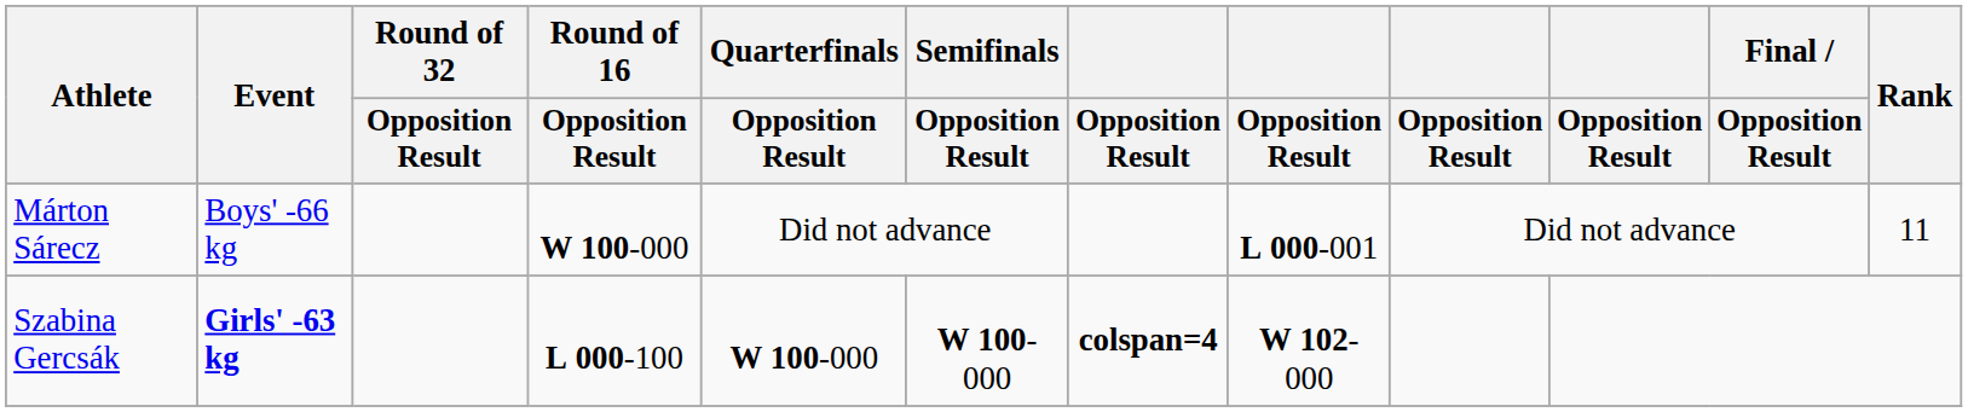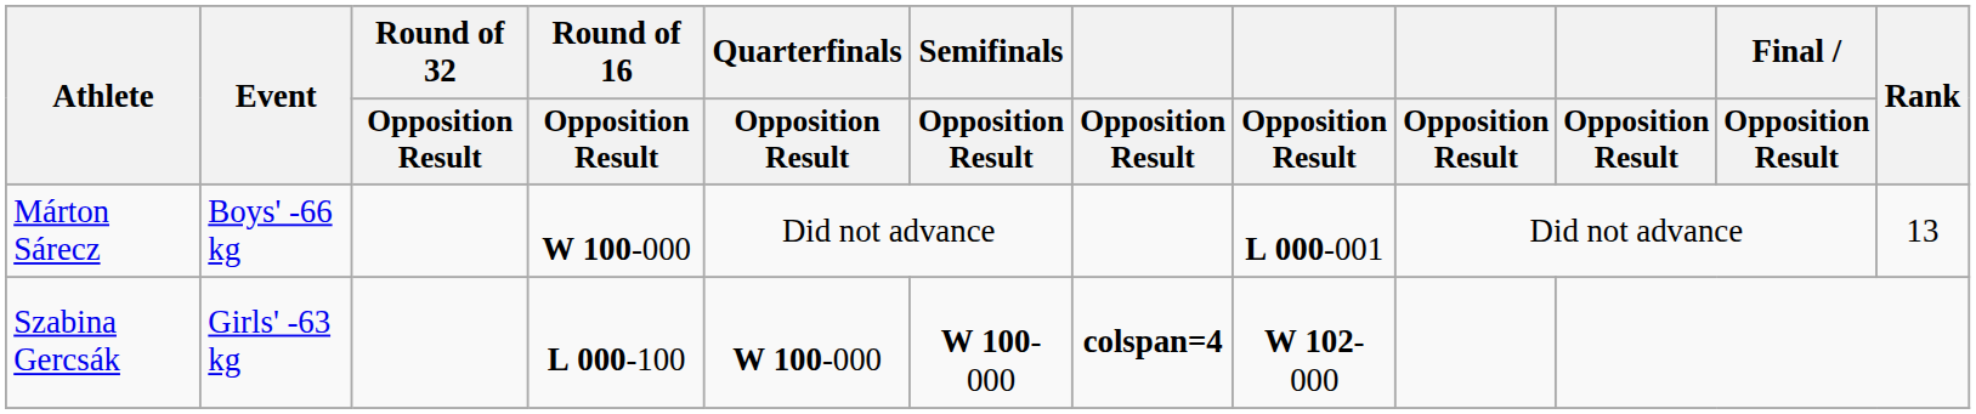 <table class="wikitable" style="font-size:90%">
 <tr>
 <th rowspan="2">Athlete</th>
 <th rowspan="2">Event</th>
 <th>Round of 32</th>
 <th>Round of 16</th>
 <th>Quarterfinals</th>
 <th>Semifinals</th>
 <th></th>
 <th></th>
 <th></th>
 <th></th>
 <th>Final / </th>
 <th rowspan=2>Rank</th>
 </tr>
 <tr style="font-size:95%">
 <th>Opposition<br>Result</th>
 <th>Opposition<br>Result</th>
 <th>Opposition<br>Result</th>
 <th>Opposition<br>Result</th>
 <th>Opposition<br>Result</th>
 <th>Opposition<br>Result</th>
 <th>Opposition<br>Result</th>
 <th>Opposition<br>Result</th>
 <th>Opposition<br>Result</th>
 </tr>
 <tr align=center>
 <td align=left><a href='#'>Márton Sárecz</a></td>
 <td align=left><a href='#'>Boys' -66 kg</a></td>
 <td></td>
 <td><br><strong>W</strong> <strong>100</strong>-000</td>
 <td colspan=2>Did not advance</td>
 <td></td>
 <td><br><strong>L</strong> <strong>000</strong>-001</td>
 <td colspan=3>Did not advance</td>
-<td>11</td>
+<td>13</td>
 </tr>
 <tr align=center>
 <td align=left><a href='#'>Szabina Gercsák</a></td>
-<td align=left><strong><a href='#'>Girls' -63 kg</a></strong></td>
+<td align=left><a href='#'>Girls' -63 kg</a></td>
 <td></td>
 <td><br><strong>L</strong> <strong>000</strong>-100</td>
 <td><br><strong>W</strong> <strong>100</strong>-000</td>
 <td><br><strong>W</strong> <strong>100</strong>-000</td>
 <td><strong>colspan=4 </strong></td>
 <td><br><strong>W</strong> <strong>102</strong>-000</td>
 <td></td>
 </tr>
 </table>
